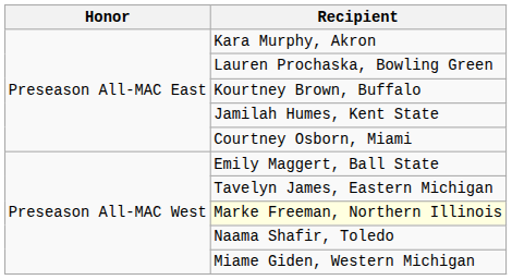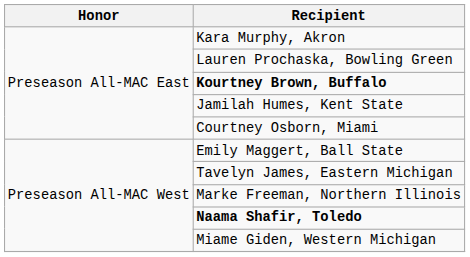 <table class="wikitable" border="1">
 <tr>
 <th>Honor</th>
 <th>Recipient</th>
 </tr>
 <tr>
 <td rowspan=5 valign=middle>Preseason All-MAC East</td>
 <td>Kara Murphy, Akron</td>
 </tr>
 <tr>
 <td>Lauren Prochaska, Bowling Green</td>
 </tr>
 <tr>
-<td>Kourtney Brown, Buffalo</td>
+<td><strong>Kourtney Brown, Buffalo</strong></td>
 </tr>
 <tr>
 <td>Jamilah Humes, Kent State</td>
 </tr>
 <tr>
 <td>Courtney Osborn, Miami</td>
 </tr>
 <tr>
 <td rowspan=5 valign=middle>Preseason All-MAC West</td>
 <td>Emily Maggert, Ball State</td>
 </tr>
 <tr>
 <td>Tavelyn James, Eastern Michigan</td>
 </tr>
 <tr>
-<td style="background: lightyellow;">Marke Freeman, Northern Illinois</td>
+<td>Marke Freeman, Northern Illinois</td>
 </tr>
 <tr>
-<td>Naama Shafir, Toledo</td>
+<td><strong>Naama Shafir, Toledo</strong></td>
 </tr>
 <tr>
 <td>Miame Giden, Western Michigan</td>
 </tr>
 <tr>
 </tr>
 </table>
